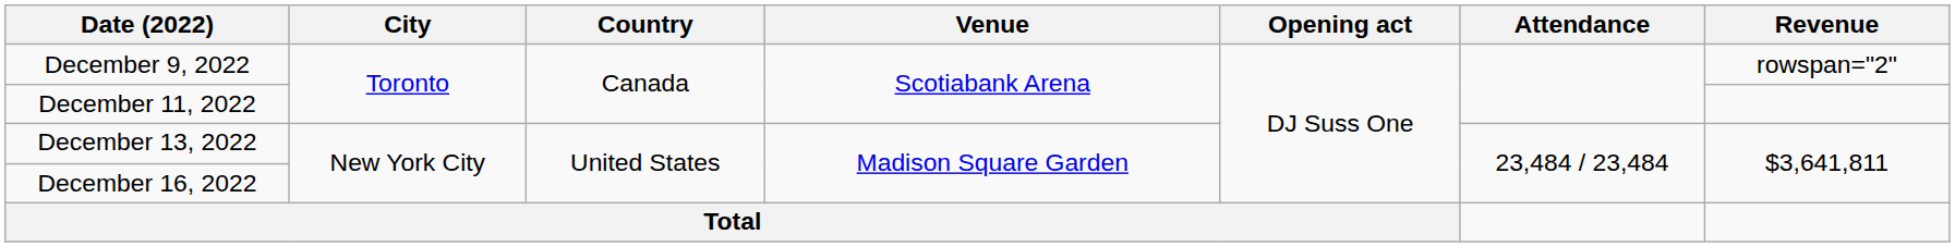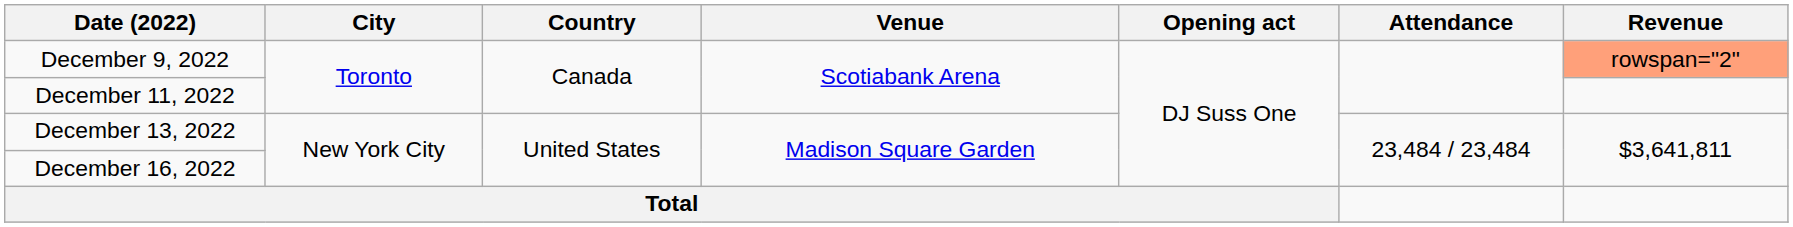 <table class="wikitable" style="text-align:center;">
 <tr>
 <th scope="col" style="width:12em;">Date (2022)</th>
 <th scope="col" style="width:10em;">City</th>
 <th scope="col" style="width:10em;">Country</th>
 <th scope="col" style="width:20em;">Venue</th>
 <th scope="col" style="width:10em;">Opening act</th>
 <th scope="col" style="width:10em;">Attendance</th>
 <th scope="col" style="width:10em;">Revenue</th>
 </tr>
 <tr>
 <td>December 9, 2022</td>
 <td rowspan="2"><a href='#'>Toronto</a></td>
 <td rowspan="2">Canada</td>
 <td rowspan="2"><a href='#'>Scotiabank Arena</a></td>
 <td rowspan="4">DJ Suss One</td>
 <td rowspan="2"></td>
-<td>rowspan="2" </td>
+<td style="background: lightsalmon;">rowspan="2" </td>
 </tr>
 <tr>
 <td>December 11, 2022</td>
 </tr>
 <tr>
 <td>December 13, 2022</td>
 <td rowspan="2">New York City</td>
 <td rowspan="2">United States</td>
 <td rowspan="2"><a href='#'>Madison Square Garden</a></td>
 <td rowspan="2">23,484 / 23,484</td>
 <td rowspan="2">$3,641,811</td>
 </tr>
 <tr>
 <td>December 16, 2022</td>
 </tr>
 <tr>
 <th colspan="5">Total</th>
 <td></td>
 <td></td>
 </tr>
 </table>
